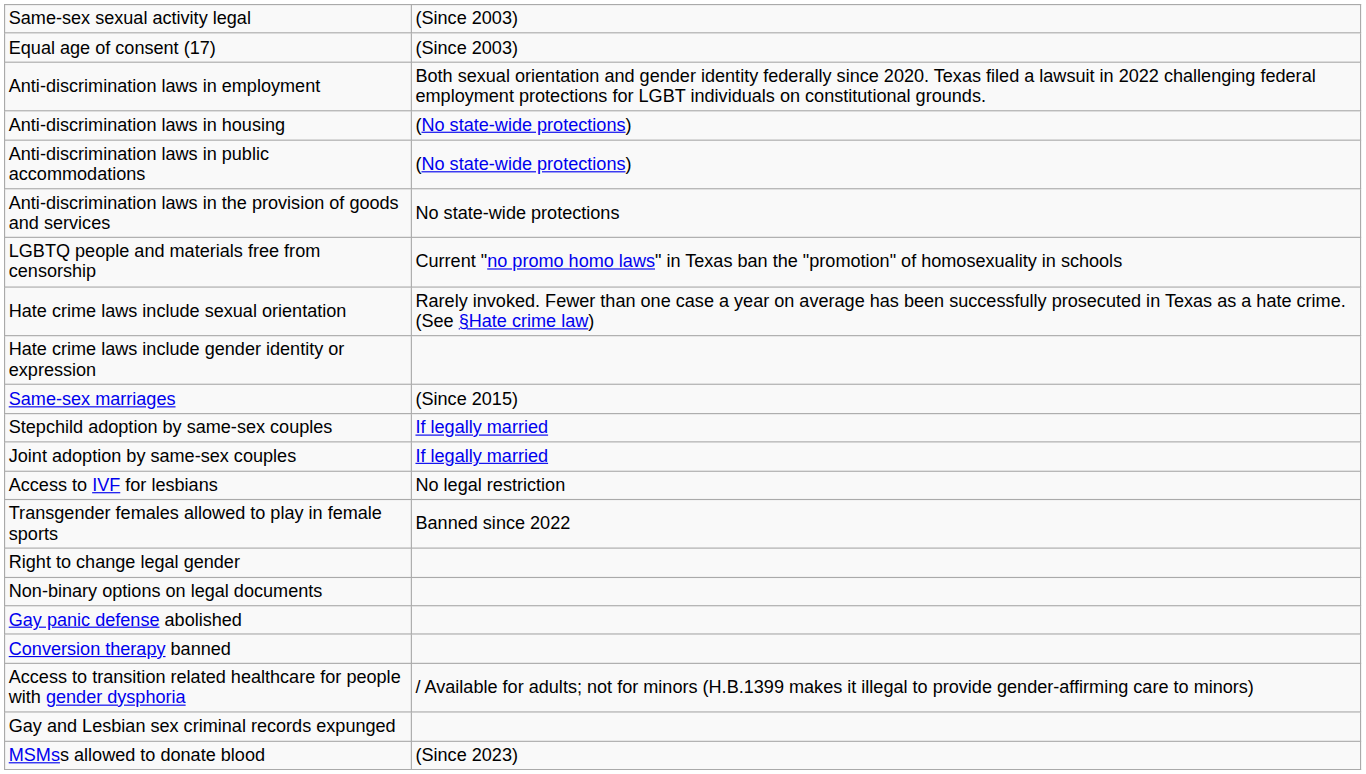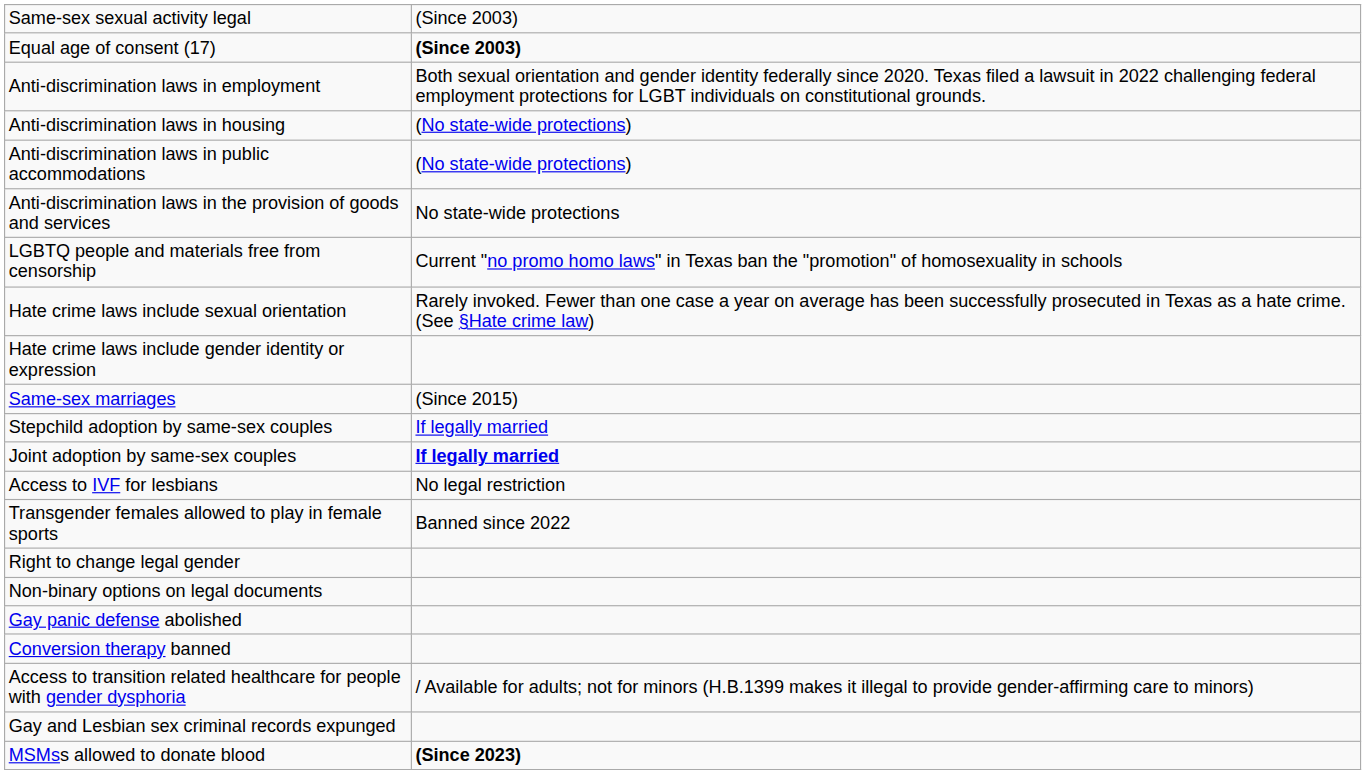 <table class=wikitable style="max-width: 95%;">
 <tr>
 <td style="width: 30%;">Same-sex sexual activity legal</td>
 <td style="width: 70%;"> (Since 2003)</td>
 </tr>
 <tr>
 <td>Equal age of consent (17)</td>
-<td> (Since 2003)</td>
+<td><strong> (Since 2003)</strong></td>
 </tr>
 <tr>
 <td>Anti-discrimination laws in employment</td>
 <td> Both sexual orientation and gender identity federally since 2020. Texas filed a lawsuit in 2022 challenging federal employment protections for LGBT individuals on constitutional grounds.</td>
 </tr>
 <tr>
 <td>Anti-discrimination laws in housing</td>
 <td> (<a href='#'>No state-wide protections</a>)</td>
 </tr>
 <tr>
 <td>Anti-discrimination laws in public accommodations</td>
 <td> (<a href='#'>No state-wide protections</a>)</td>
 </tr>
 <tr>
 <td>Anti-discrimination laws in the provision of goods and services</td>
 <td> No state-wide protections</td>
 </tr>
 <tr>
 <td>LGBTQ people and materials free from censorship</td>
 <td> Current "<a href='#'>no promo homo laws</a>" in Texas ban the "promotion" of homosexuality in schools</td>
 </tr>
 <tr>
 <td>Hate crime laws include sexual orientation</td>
 <td> Rarely invoked. Fewer than one case a year on average has been successfully prosecuted in Texas as a hate crime. (See <a href='#'>§Hate crime law</a>)</td>
 </tr>
 <tr>
 <td>Hate crime laws include gender identity or expression</td>
 <td></td>
 </tr>
 <tr>
 <td><a href='#'>Same-sex marriages</a></td>
 <td> (Since 2015)</td>
 </tr>
 <tr>
 <td>Stepchild adoption by same-sex couples</td>
 <td> <a href='#'>If legally married</a></td>
 </tr>
 <tr>
 <td>Joint adoption by same-sex couples</td>
-<td> <a href='#'>If legally married</a></td>
+<td><strong> <a href='#'>If legally married</a></strong></td>
 </tr>
 <tr>
 <td>Access to <a href='#'>IVF</a> for lesbians</td>
 <td {{ubl> No legal restriction</td>
 </tr>
 <tr>
 <td>Transgender females allowed to play in female sports</td>
 <td> Banned since 2022</td>
 </tr>
 <tr>
 <td>Right to change legal gender</td>
 <td></td>
 </tr>
 <tr>
 <td>Non-binary options on legal documents</td>
 <td></td>
 </tr>
 <tr>
 <td><a href='#'>Gay panic defense</a> abolished</td>
 <td></td>
 </tr>
 <tr>
 <td><a href='#'>Conversion therapy</a> banned</td>
 <td></td>
 </tr>
 <tr>
 <td>Access to transition related healthcare for people with <a href='#'>gender dysphoria</a></td>
 <td>/ Available for adults; not for minors (H.B.1399 makes it illegal to provide gender-affirming care to minors)</td>
 </tr>
 <tr>
 <td>Gay and Lesbian sex criminal records expunged</td>
 <td></td>
 </tr>
 <tr>
 <td><a href='#'>MSMs</a>s allowed to donate blood</td>
-<td> (Since 2023)</td>
+<td><strong> (Since 2023)</strong></td>
 </tr>
 </table>
